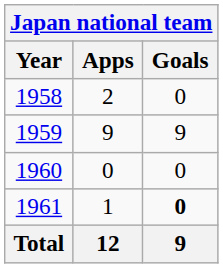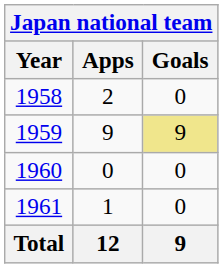 <table class="wikitable" style="text-align:center">
 <tr>
 <th colspan=3><a href='#'>Japan national team</a></th>
 </tr>
 <tr>
 <th>Year</th>
 <th>Apps</th>
 <th>Goals</th>
 </tr>
 <tr>
 <td><a href='#'>1958</a></td>
 <td>2</td>
 <td>0</td>
 </tr>
 <tr>
 <td><a href='#'>1959</a></td>
 <td>9</td>
-<td>9</td>
+<td style="background: khaki;">9</td>
 </tr>
 <tr>
 <td><a href='#'>1960</a></td>
 <td>0</td>
 <td>0</td>
 </tr>
 <tr>
 <td><a href='#'>1961</a></td>
 <td>1</td>
-<td><strong>0</strong></td>
+<td>0</td>
 </tr>
 <tr>
 <th>Total</th>
 <th>12</th>
 <th>9</th>
 </tr>
 </table>
